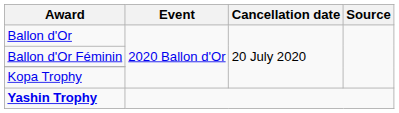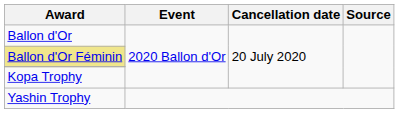 <table class="wikitable">
 <tr>
 <th>Award</th>
 <th>Event</th>
 <th>Cancellation date</th>
 <th>Source</th>
 </tr>
 <tr>
 <td><a href='#'>Ballon d'Or</a></td>
 <td rowspan="4"><a href='#'>2020 Ballon d'Or</a></td>
 <td rowspan="4">20 July 2020</td>
 <td rowspan="4"></td>
 </tr>
 <tr>
-<td><a href='#'>Ballon d'Or Féminin</a></td>
+<td style="background: khaki;"><a href='#'>Ballon d'Or Féminin</a></td>
 </tr>
 <tr>
 </tr>
 <tr>
 <td><a href='#'>Kopa Trophy</a></td>
 </tr>
 <tr>
-<td><strong><a href='#'>Yashin Trophy</a></strong></td>
+<td><a href='#'>Yashin Trophy</a></td>
 </tr>
 </table>
